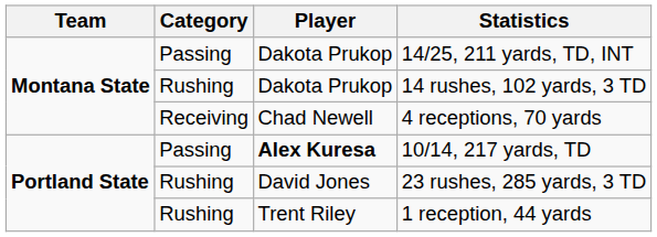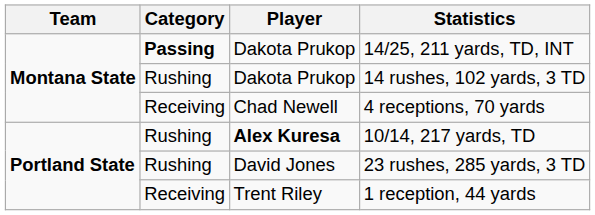 <table class="wikitable" style="float: right;">
 <tr>
 <th>Team</th>
 <th>Category</th>
 <th>Player</th>
 <th>Statistics</th>
 </tr>
 <tr>
 <td rowspan=3><strong>Montana State</strong></td>
-<td>Passing</td>
+<td><strong>Passing</strong></td>
 <td>Dakota Prukop</td>
 <td>14/25, 211 yards, TD, INT</td>
 </tr>
 <tr>
 <td>Rushing</td>
 <td>Dakota Prukop</td>
 <td>14 rushes, 102 yards, 3 TD</td>
 </tr>
 <tr>
 <td>Receiving</td>
 <td>Chad Newell</td>
 <td>4 receptions, 70 yards</td>
 </tr>
 <tr>
 <td rowspan=3><strong>Portland State</strong></td>
-<td>Passing</td>
+<td>Rushing</td>
 <td><strong>Alex Kuresa</strong></td>
 <td>10/14, 217 yards, TD</td>
 </tr>
 <tr>
 <td>Rushing</td>
 <td>David Jones</td>
 <td>23 rushes, 285 yards, 3 TD</td>
 </tr>
 <tr>
-<td>Rushing</td>
+<td>Receiving</td>
 <td>Trent Riley</td>
 <td>1 reception, 44 yards</td>
 </tr>
 </table>
